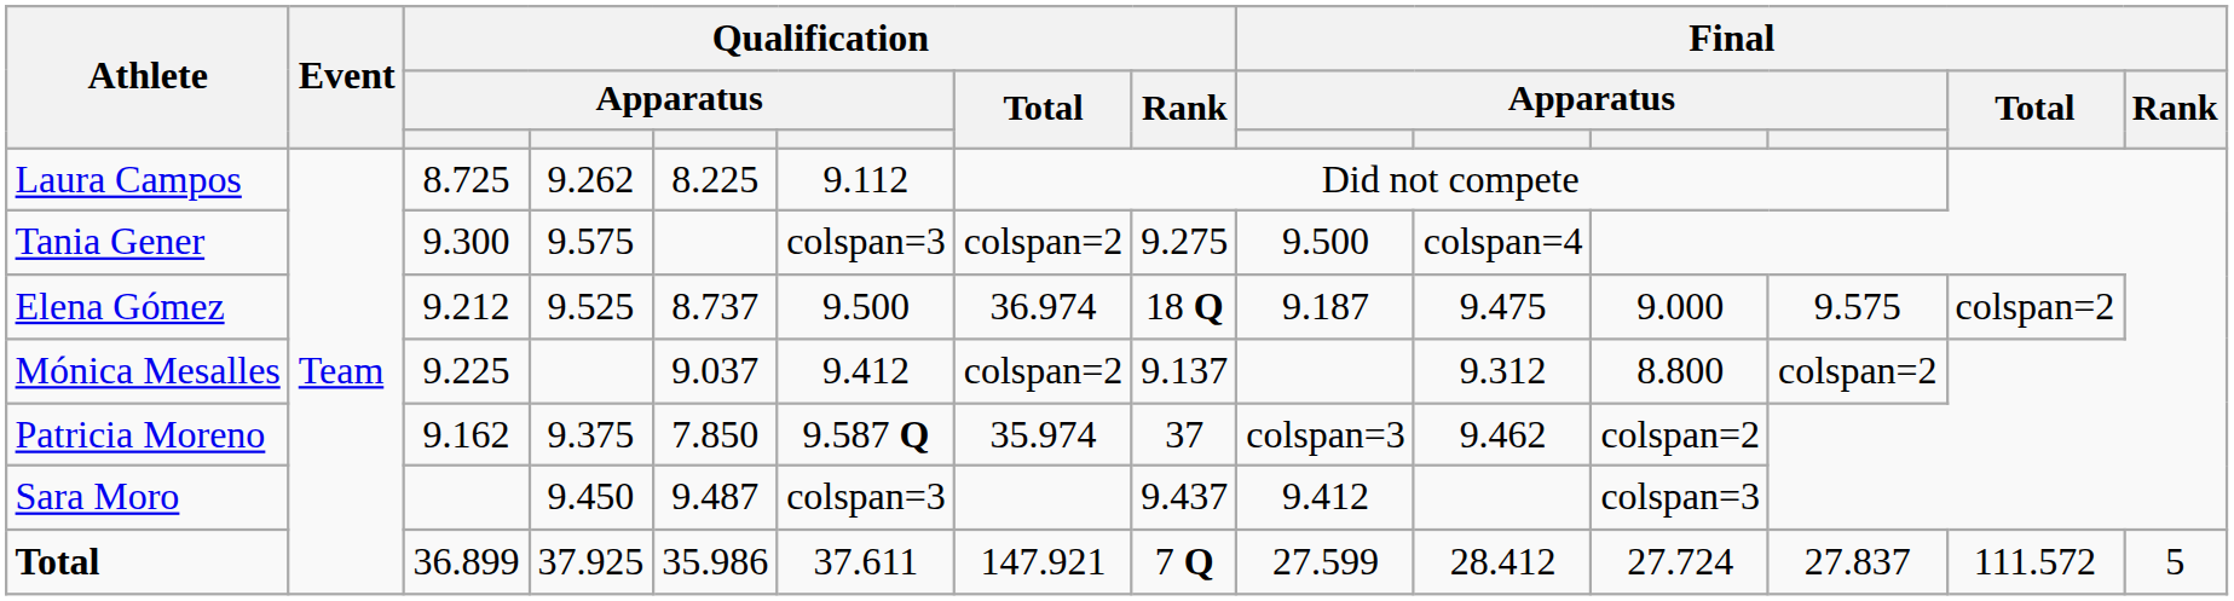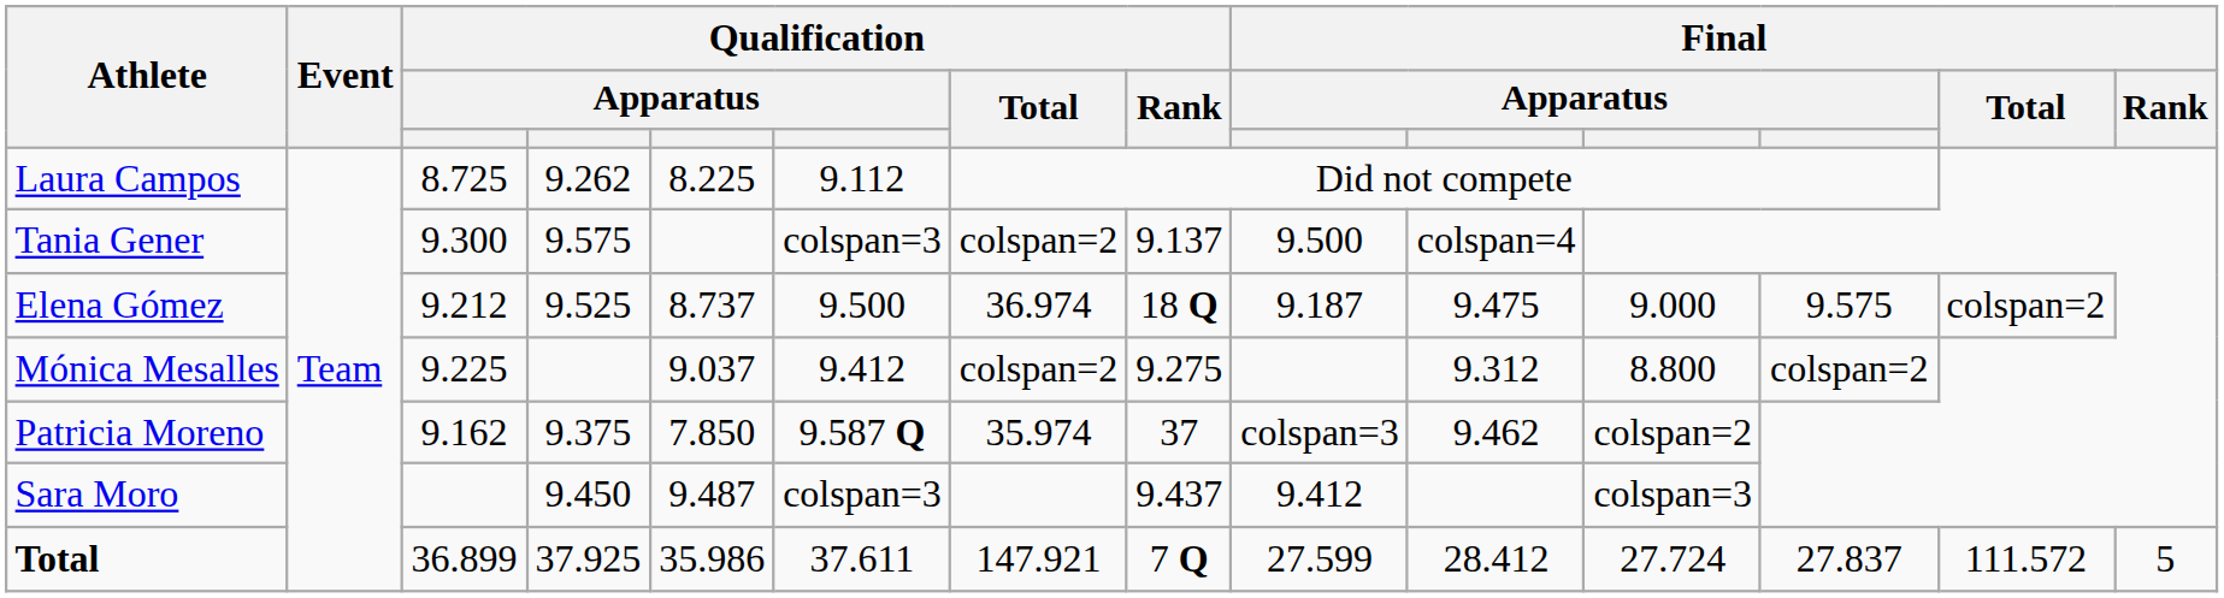 <table class="wikitable" style="font-size:90%">
 <tr>
 <th rowspan=3>Athlete</th>
 <th rowspan=3>Event</th>
 <th colspan=6>Qualification</th>
 <th colspan=6>Final</th>
 </tr>
 <tr style="font-size:95%">
 <th colspan=4>Apparatus</th>
 <th rowspan=2>Total</th>
 <th rowspan=2>Rank</th>
 <th colspan=4>Apparatus</th>
 <th rowspan=2>Total</th>
 <th rowspan=2>Rank</th>
 </tr>
 <tr style="font-size:95%">
 <th></th>
 <th></th>
 <th></th>
 <th></th>
 <th></th>
 <th></th>
 <th></th>
 <th></th>
 </tr>
 <tr align=center>
 <td align=left><a href='#'>Laura Campos</a></td>
 <td align=left rowspan=7><a href='#'>Team</a></td>
 <td>8.725</td>
 <td>9.262</td>
 <td>8.225</td>
 <td>9.112</td>
 <td colspan=6>Did not compete</td>
 </tr>
 <tr align=center>
 <td align=left><a href='#'>Tania Gener</a></td>
 <td>9.300</td>
 <td>9.575</td>
 <td></td>
 <td>colspan=3 </td>
 <td>colspan=2 </td>
-<td>9.275</td>
+<td>9.137</td>
 <td>9.500</td>
 <td>colspan=4 </td>
 </tr>
 <tr align=center>
 <td align=left><a href='#'>Elena Gómez</a></td>
 <td>9.212</td>
 <td>9.525</td>
 <td>8.737</td>
 <td>9.500</td>
 <td>36.974</td>
 <td>18 <strong>Q</strong></td>
 <td>9.187</td>
 <td>9.475</td>
 <td>9.000</td>
 <td>9.575</td>
 <td>colspan=2 </td>
 </tr>
 <tr align=center>
 <td align=left><a href='#'>Mónica Mesalles</a></td>
 <td>9.225</td>
 <td></td>
 <td>9.037</td>
 <td>9.412</td>
 <td>colspan=2 </td>
-<td>9.137</td>
+<td>9.275</td>
 <td></td>
 <td>9.312</td>
 <td>8.800</td>
 <td>colspan=2 </td>
 </tr>
 <tr align=center>
 <td align=left><a href='#'>Patricia Moreno</a></td>
 <td>9.162</td>
 <td>9.375</td>
 <td>7.850</td>
 <td>9.587 <strong>Q</strong></td>
 <td>35.974</td>
 <td>37</td>
 <td>colspan=3 </td>
 <td>9.462</td>
 <td>colspan=2 </td>
 </tr>
 <tr align=center>
 <td align=left><a href='#'>Sara Moro</a></td>
 <td></td>
 <td>9.450</td>
 <td>9.487</td>
 <td>colspan=3 </td>
 <td></td>
 <td>9.437</td>
 <td>9.412</td>
 <td></td>
 <td>colspan=3 </td>
 </tr>
 <tr align=center>
 <td align=left><strong>Total</strong></td>
 <td>36.899</td>
 <td>37.925</td>
 <td>35.986</td>
 <td>37.611</td>
 <td>147.921</td>
 <td>7 <strong>Q</strong></td>
 <td>27.599</td>
 <td>28.412</td>
 <td>27.724</td>
 <td>27.837</td>
 <td>111.572</td>
 <td>5</td>
 </tr>
 </table>
